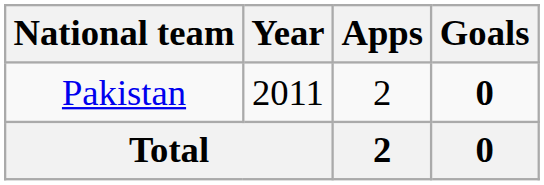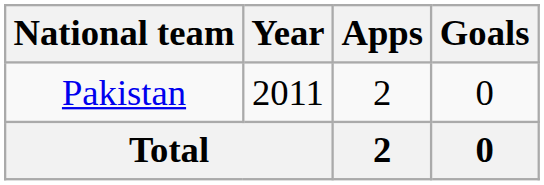 <table class="wikitable" style="text-align:center">
 <tr>
 <th>National team</th>
 <th>Year</th>
 <th>Apps</th>
 <th>Goals</th>
 </tr>
 <tr>
 <td><a href='#'>Pakistan</a></td>
 <td>2011</td>
 <td>2</td>
-<td><strong>0</strong></td>
+<td>0</td>
 </tr>
 <tr>
 <th colspan="2">Total</th>
 <th>2</th>
 <th>0</th>
 </tr>
 </table>
